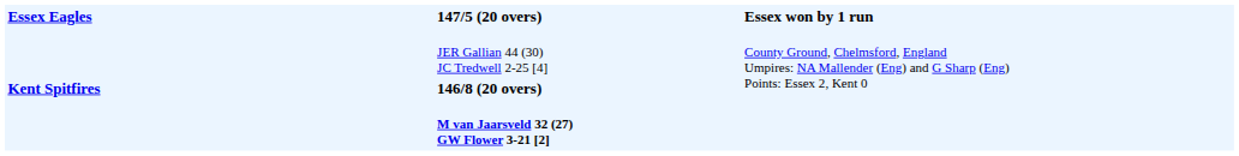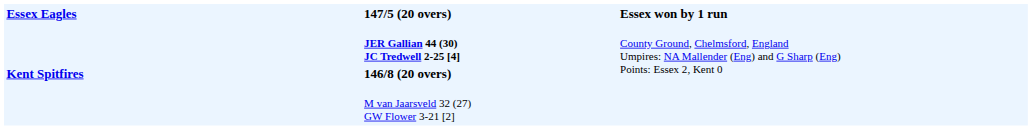 <table style="width:100%; background:#ebf5ff;">
 <tr>
 <td style="width:35%; vertical-align:top;" rowspan="2"><strong><a href='#'>Essex Eagles</a></strong></td>
 <td style="width:25%;"><strong>147/5 (20 overs)</strong></td>
 <td style="width:40%;"><strong>Essex won by 1 run</strong></td>
 </tr>
 <tr>
-<td style="font-size: 85%;"><br><a href='#'>JER Gallian</a> 44 (30)<br> <a href='#'>JC Tredwell</a> 2-25 [4]</td>
+<td style="font-size: 85%;"><strong><br><a href='#'>JER Gallian</a> 44 (30)<br> <a href='#'>JC Tredwell</a> 2-25 [4]</strong></td>
 <td style="vertical-align:top; font-size:85%;" rowspan="3"><br><a href='#'>County Ground</a>, <a href='#'>Chelmsford</a>, <a href='#'>England</a><br> Umpires: <a href='#'>NA Mallender</a> (<a href='#'>Eng</a>) and <a href='#'>G Sharp</a> (<a href='#'>Eng</a>)<br> Points: Essex 2, Kent 0</td>
 </tr>
 <tr>
 <td style="vertical-align:top;" rowspan="2"><strong><a href='#'>Kent Spitfires</a></strong></td>
 <td><strong>146/8 (20 overs)</strong></td>
 </tr>
 <tr>
-<td style="font-size: 85%;"><strong><br><a href='#'>M van Jaarsveld</a> 32 (27)<br> <a href='#'>GW Flower</a> 3-21 [2]</strong></td>
+<td style="font-size: 85%;"><br><a href='#'>M van Jaarsveld</a> 32 (27)<br> <a href='#'>GW Flower</a> 3-21 [2]</td>
 </tr>
 </table>
